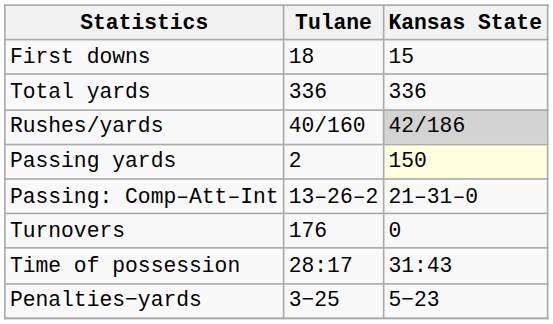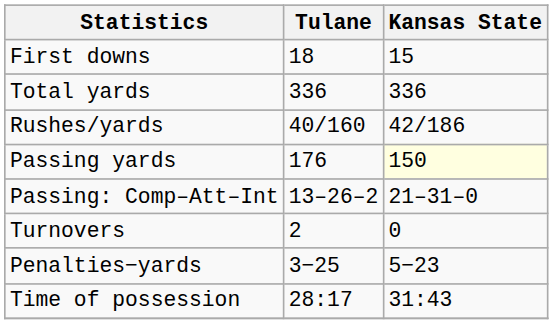 <table class="wikitable" style="float: left;">
 <tr>
 <th>Statistics</th>
 <th>Tulane</th>
 <th>Kansas State</th>
 </tr>
 <tr>
 <td>First downs</td>
 <td>18</td>
 <td>15</td>
 </tr>
 <tr>
 <td>Total yards</td>
 <td>336</td>
 <td>336</td>
 </tr>
 <tr>
 <td>Rushes/yards</td>
 <td>40/160</td>
-<td style="background: lightgrey;">42/186</td>
+<td>42/186</td>
 </tr>
 <tr>
 <td>Passing yards</td>
-<td>2</td>
+<td>176</td>
 <td style="background: lightyellow;">150</td>
 </tr>
 <tr>
 <td>Passing: Comp–Att–Int</td>
 <td>13–26–2</td>
 <td>21–31–0</td>
 </tr>
 <tr>
 <td>Turnovers</td>
-<td>176</td>
+<td>2</td>
 <td>0</td>
+</tr>
+<tr>
+<td>Penalties−yards</td>
+<td>3−25</td>
+<td>5−23</td>
 </tr>
 <tr>
 <td>Time of possession</td>
 <td>28:17</td>
 <td>31:43</td>
 </tr>
 <tr>
-<td>Penalties−yards</td>
-<td>3−25</td>
-<td>5−23</td>
-</tr>
-<tr>
 </tr>
 </table>
